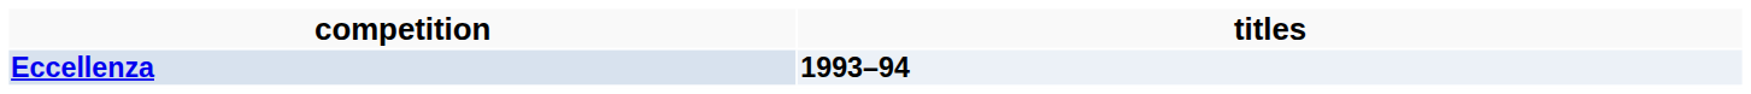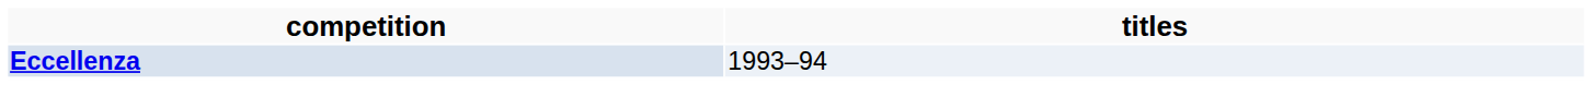 <table style="background: #f9f9f9; border: 2px #aaa solid; border-collapse: collapse; border-color: white; color:black; font-size: 95%;" width="850" cellspacing="0" border="1">
 <tr>
 <th width="250">competition</th>
 <th width="300">titles</th>
 </tr>
 <tr style="font-size: 90%;">
 <td bgcolor="#d8e2ee"><strong><a href='#'>Eccellenza</a></strong></td>
-<td bgcolor="#ecf1f7"><strong>1993–94</strong></td>
+<td bgcolor="#ecf1f7">1993–94</td>
 </tr>
 </table>
